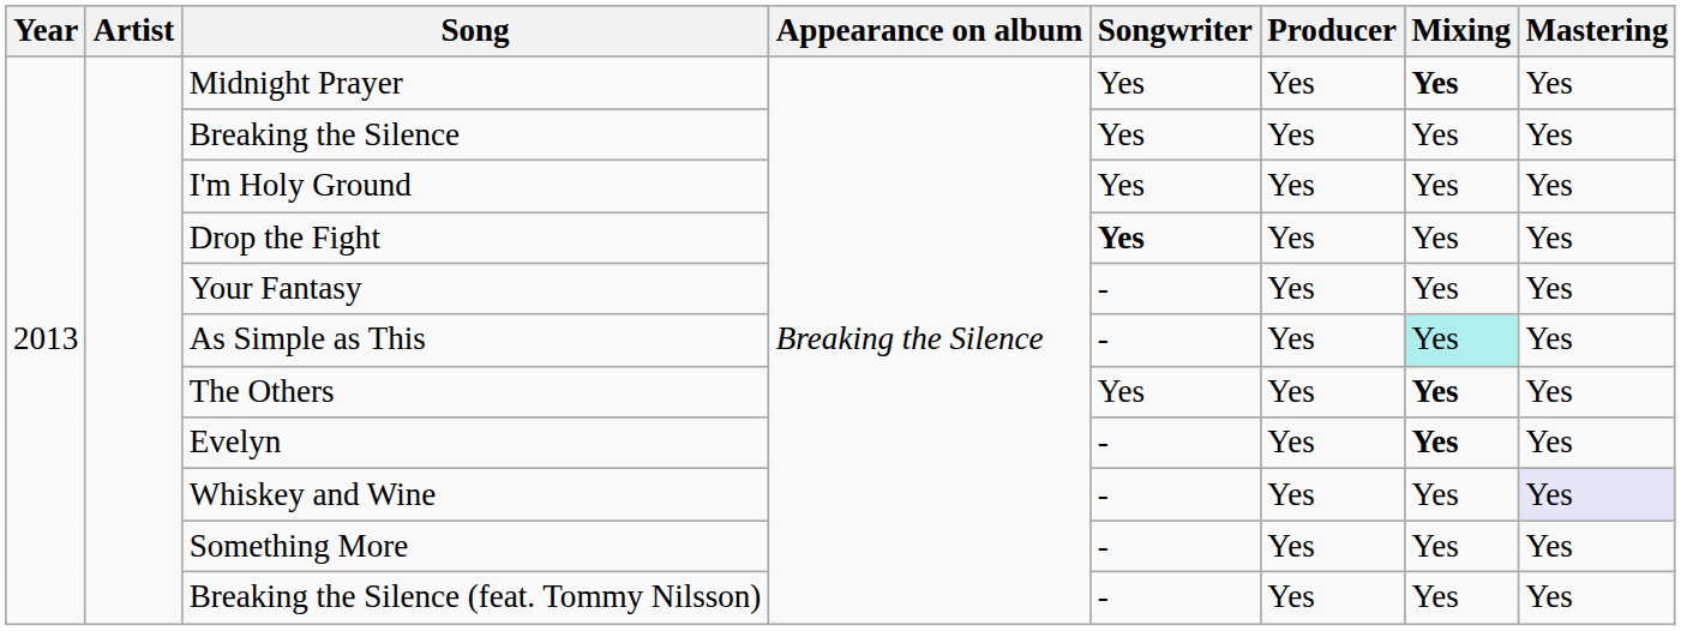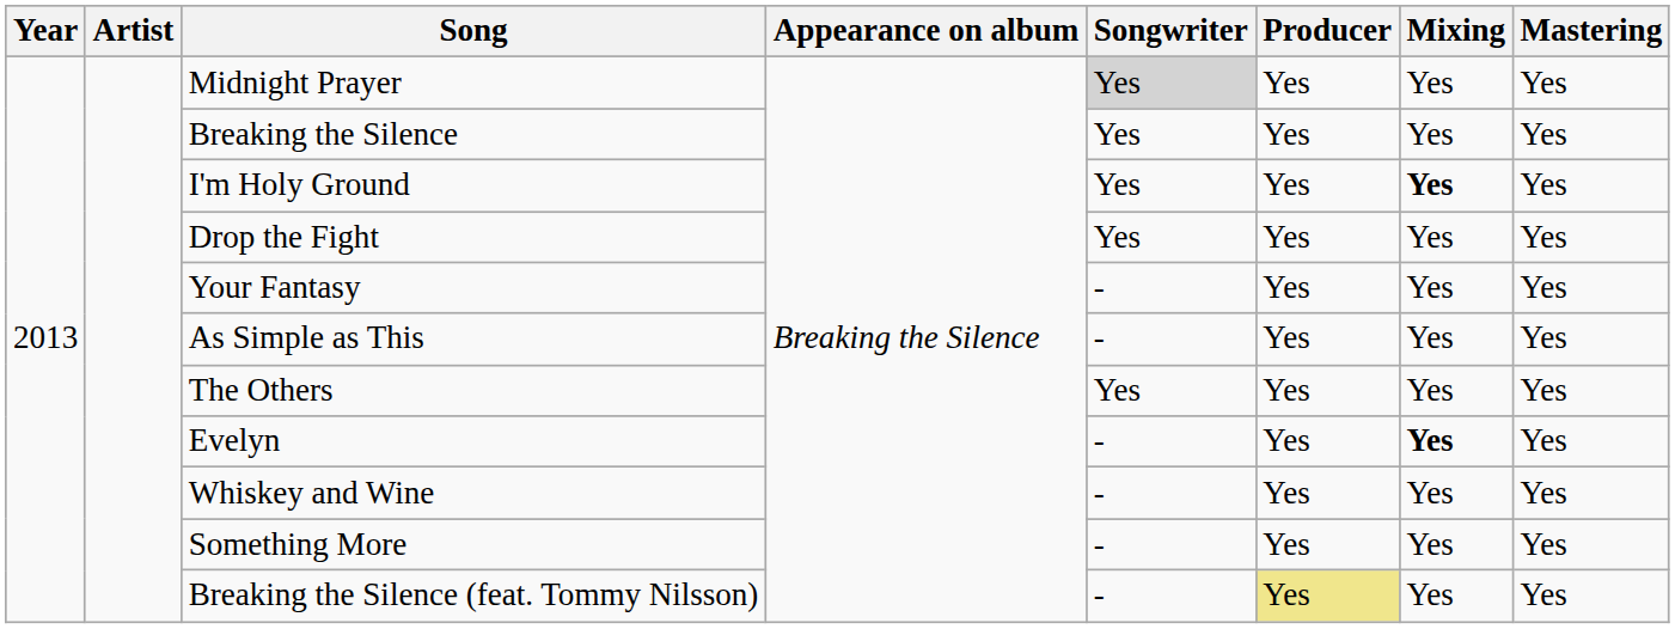 <table class=wikitable>
 <tr>
 <th>Year</th>
 <th>Artist</th>
 <th>Song</th>
 <th>Appearance on album</th>
 <th>Songwriter</th>
 <th>Producer</th>
 <th>Mixing</th>
 <th>Mastering</th>
 </tr>
 <tr>
 <td rowspan=11>2013</td>
 <td rowspan=11></td>
 <td>Midnight Prayer</td>
 <td rowspan=11><em>Breaking the Silence</em></td>
+<td style="background: lightgrey;">Yes</td>
 <td>Yes</td>
 <td>Yes</td>
-<td><strong>Yes</strong></td>
 <td>Yes</td>
 </tr>
 <tr>
 <td>Breaking the Silence</td>
 <td>Yes</td>
 <td>Yes</td>
 <td>Yes</td>
 <td>Yes</td>
 </tr>
 <tr>
 <td>I'm Holy Ground</td>
 <td>Yes</td>
 <td>Yes</td>
-<td>Yes</td>
+<td><strong>Yes</strong></td>
 <td>Yes</td>
 </tr>
 <tr>
 <td>Drop the Fight</td>
-<td><strong>Yes</strong></td>
+<td>Yes</td>
 <td>Yes</td>
 <td>Yes</td>
 <td>Yes</td>
 </tr>
 <tr>
 <td>Your Fantasy</td>
 <td>-</td>
 <td>Yes</td>
 <td>Yes</td>
 <td>Yes</td>
 </tr>
 <tr>
 <td>As Simple as This</td>
 <td>-</td>
 <td>Yes</td>
-<td style="background: paleturquoise;">Yes</td>
+<td>Yes</td>
 <td>Yes</td>
 </tr>
 <tr>
 <td>The Others</td>
 <td>Yes</td>
 <td>Yes</td>
-<td><strong>Yes</strong></td>
+<td>Yes</td>
 <td>Yes</td>
 </tr>
 <tr>
 <td>Evelyn</td>
 <td>-</td>
 <td>Yes</td>
 <td><strong>Yes</strong></td>
 <td>Yes</td>
 </tr>
 <tr>
 <td>Whiskey and Wine</td>
 <td>-</td>
 <td>Yes</td>
 <td>Yes</td>
-<td style="background: lavender;">Yes</td>
+<td>Yes</td>
 </tr>
 <tr>
 <td>Something More</td>
 <td>-</td>
 <td>Yes</td>
 <td>Yes</td>
 <td>Yes</td>
 </tr>
 <tr>
 <td>Breaking the Silence (feat. Tommy Nilsson)</td>
 <td>-</td>
-<td>Yes</td>
+<td style="background: khaki;">Yes</td>
 <td>Yes</td>
 <td>Yes</td>
 </tr>
 </table>
